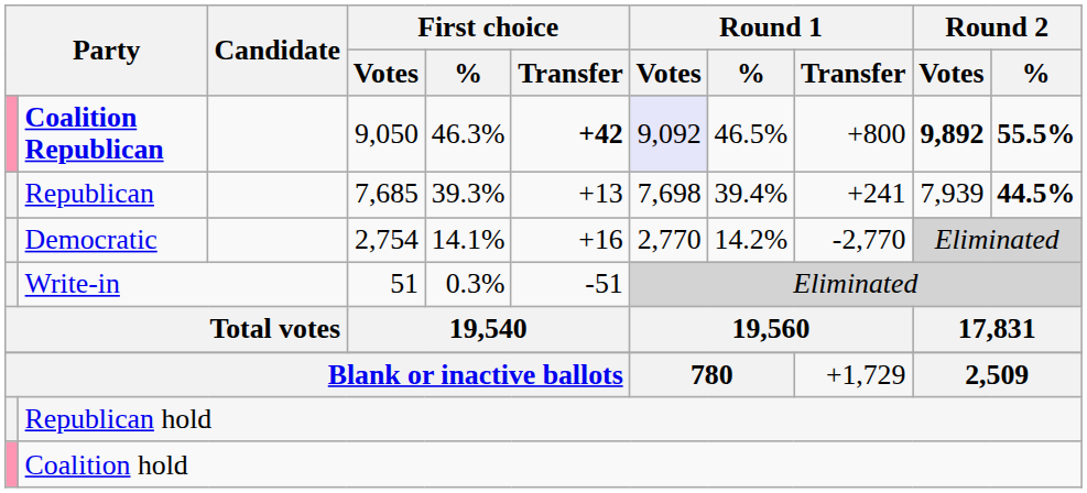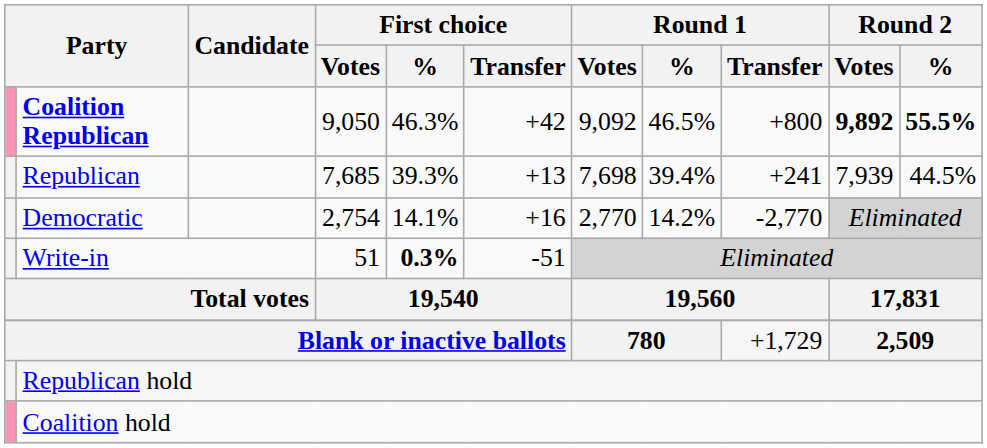 <table class="wikitable sortable" style="text-align:right">
 <tr>
 <th colspan=2 rowspan=2>Party</th>
 <th rowspan=2>Candidate</th>
 <th colspan=3>First choice</th>
 <th colspan=3>Round 1</th>
 <th colspan=3>Round 2</th>
 </tr>
 <tr>
 <th>Votes</th>
 <th>%</th>
 <th>Transfer</th>
 <th>Votes</th>
 <th>%</th>
 <th>Transfer</th>
 <th>Votes</th>
 <th>%</th>
 </tr>
 <tr>
 <th style="background-color:#ff95b3ff"></th>
 <td style="text-align:left"><strong><a href='#'>Coalition Republican</a></strong></td>
 <td style="text-align:left" scope="row"><strong></strong></td>
 <td>9,050</td>
 <td>46.3%</td>
-<td><strong>+42</strong></td>
-<td style="background: lavender;">9,092</td>
+<td>+42</td>
+<td>9,092</td>
 <td>46.5%</td>
 <td>+800</td>
 <td><strong>9,892</strong></td>
 <td><strong>55.5%</strong></td>
 </tr>
 <tr>
 <th style="background-color:"></th>
 <td style="text-align:left"><a href='#'>Republican</a></td>
 <td style="text-align:left" scope="row"></td>
 <td>7,685</td>
 <td>39.3%</td>
 <td>+13</td>
 <td>7,698</td>
 <td>39.4%</td>
 <td>+241</td>
 <td>7,939</td>
-<td><strong>44.5%</strong></td>
+<td>44.5%</td>
 </tr>
 <tr>
 <th style="background-color:"></th>
 <td style="text-align:left"><a href='#'>Democratic</a></td>
 <td style="text-align:left" scope="row"></td>
 <td>2,754</td>
 <td>14.1%</td>
 <td>+16</td>
 <td>2,770</td>
 <td>14.2%</td>
 <td>-2,770</td>
 <td colspan="2"  style="background:lightgrey; text-align:center;"><em>Eliminated</em></td>
 </tr>
 <tr>
 <th style="background-color:"></th>
 <td style="text-align:left" colspan=2><a href='#'>Write-in</a></td>
 <td>51</td>
-<td>0.3%</td>
+<td><strong>0.3%</strong></td>
 <td>-51</td>
 <td colspan="5"  style="background:lightgrey; text-align:center;"><em>Eliminated</em></td>
 </tr>
 <tr class="sortbottom" style="background-color:#F6F6F6">
 <th colspan=3 scope="row" style="text-align:right;"><strong>Total votes</strong></th>
 <th colspan=3><strong>19,540</strong></th>
 <th colspan=3><strong>19,560</strong></th>
 <th colspan=3><strong>17,831</strong></th>
 </tr>
 <tr class="sortbottom">
 </tr>
 <tr class="sortbottom" style="background-color:#F6F6F6">
 <th colspan=6 scope="row" style="text-align:right;"><a href='#'>Blank or inactive ballots</a></th>
 <th colspan=2>780</th>
 <td>+1,729</td>
 <th colspan=2>2,509</th>
 </tr>
 <tr class="sortbottom" style="background:#f6f6f6;">
 <th style="background-color:"></th>
 <td colspan="13" style="text-align:left"><a href='#'>Republican</a> hold</td>
 </tr>
 <tr>
 <th style="background-color:#ff95b3ff"></th>
 <td colspan="13" style="text-align:left"><a href='#'>Coalition</a> hold</td>
 </tr>
 </table>
